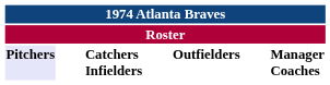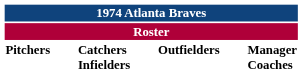 <table class="toccolours" style="font-size: 95%;">
 <tr>
 <th colspan="10" style="background-color: #0f437c; color: white; text-align: center;">1974 Atlanta Braves</th>
 </tr>
 <tr>
 <td colspan="10" style="background-color:#af0039; color: white; text-align: center;"><strong>Roster</strong></td>
 </tr>
 <tr>
-<td valign="top" style="background: lavender;"><strong>Pitchers</strong><br>              </td>
+<td valign="top"><strong>Pitchers</strong><br>              </td>
 <td width="25px"></td>
 <td valign="top"><strong>Catchers</strong><br>   <strong>Infielders</strong>          </td>
 <td width="25px"></td>
 <td valign="top"><strong>Outfielders</strong><br>       </td>
 <td width="25px"></td>
 <td valign="top"><strong>Manager</strong><br>  <strong>Coaches</strong>    </td>
 </tr>
 </table>
